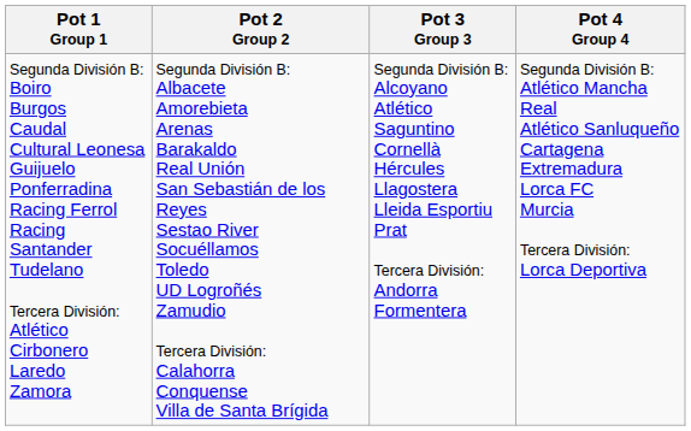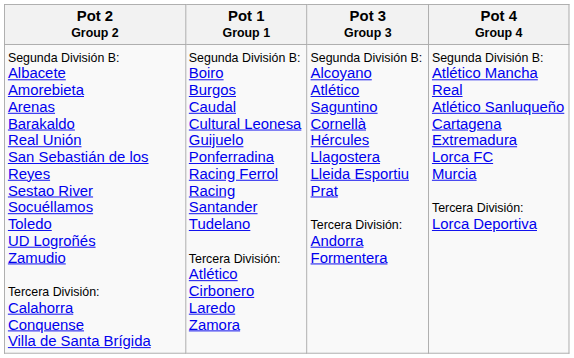 <table class="wikitable">
 <tr>
+<th>Pot 2<br><small>Group 2</small></th>
 <th>Pot 1<br><small>Group 1</small></th>
-<th>Pot 2<br><small>Group 2</small></th>
 <th>Pot 3<br><small>Group 3</small></th>
 <th>Pot 4<br><small>Group 4</small></th>
 </tr>
 <tr>
+<td><small>Segunda División B:</small><br><a href='#'>Albacete</a><br><a href='#'>Amorebieta</a><br><a href='#'>Arenas</a><br><a href='#'>Barakaldo</a><br><a href='#'>Real Unión</a><br><a href='#'>San Sebastián de los Reyes</a><br><a href='#'>Sestao River</a><br><a href='#'>Socuéllamos</a><br><a href='#'>Toledo</a><br><a href='#'>UD Logroñés</a><br><a href='#'>Zamudio</a><br><br><small>Tercera División:</small><br><a href='#'>Calahorra</a><br><a href='#'>Conquense</a><br><a href='#'>Villa de Santa Brígida</a></td>
 <td valign=top><small>Segunda División B:</small><br><a href='#'>Boiro</a><br><a href='#'>Burgos</a><br><a href='#'>Caudal</a><br><a href='#'>Cultural Leonesa</a><br><a href='#'>Guijuelo</a><br><a href='#'>Ponferradina</a><br><a href='#'>Racing Ferrol</a><br><a href='#'>Racing Santander</a><br><a href='#'>Tudelano</a><br><br><small>Tercera División:</small><br><a href='#'>Atlético Cirbonero</a><br><a href='#'>Laredo</a><br><a href='#'>Zamora</a></td>
-<td><small>Segunda División B:</small><br><a href='#'>Albacete</a><br><a href='#'>Amorebieta</a><br><a href='#'>Arenas</a><br><a href='#'>Barakaldo</a><br><a href='#'>Real Unión</a><br><a href='#'>San Sebastián de los Reyes</a><br><a href='#'>Sestao River</a><br><a href='#'>Socuéllamos</a><br><a href='#'>Toledo</a><br><a href='#'>UD Logroñés</a><br><a href='#'>Zamudio</a><br><br><small>Tercera División:</small><br><a href='#'>Calahorra</a><br><a href='#'>Conquense</a><br><a href='#'>Villa de Santa Brígida</a></td>
 <td valign=top><small>Segunda División B:</small><br><a href='#'>Alcoyano</a><br><a href='#'>Atlético Saguntino</a><br><a href='#'>Cornellà</a><br><a href='#'>Hércules</a><br><a href='#'>Llagostera</a><br><a href='#'>Lleida Esportiu</a><br><a href='#'>Prat</a><br><br><small>Tercera División:</small><br><a href='#'>Andorra</a><br><a href='#'>Formentera</a></td>
 <td valign=top><small>Segunda División B:</small><br><a href='#'>Atlético Mancha Real</a><br><a href='#'>Atlético Sanluqueño</a><br><a href='#'>Cartagena</a><br><a href='#'>Extremadura</a><br><a href='#'>Lorca FC</a><br><a href='#'>Murcia</a><br><br><small>Tercera División:</small><br><a href='#'>Lorca Deportiva</a></td>
 </tr>
 </table>
